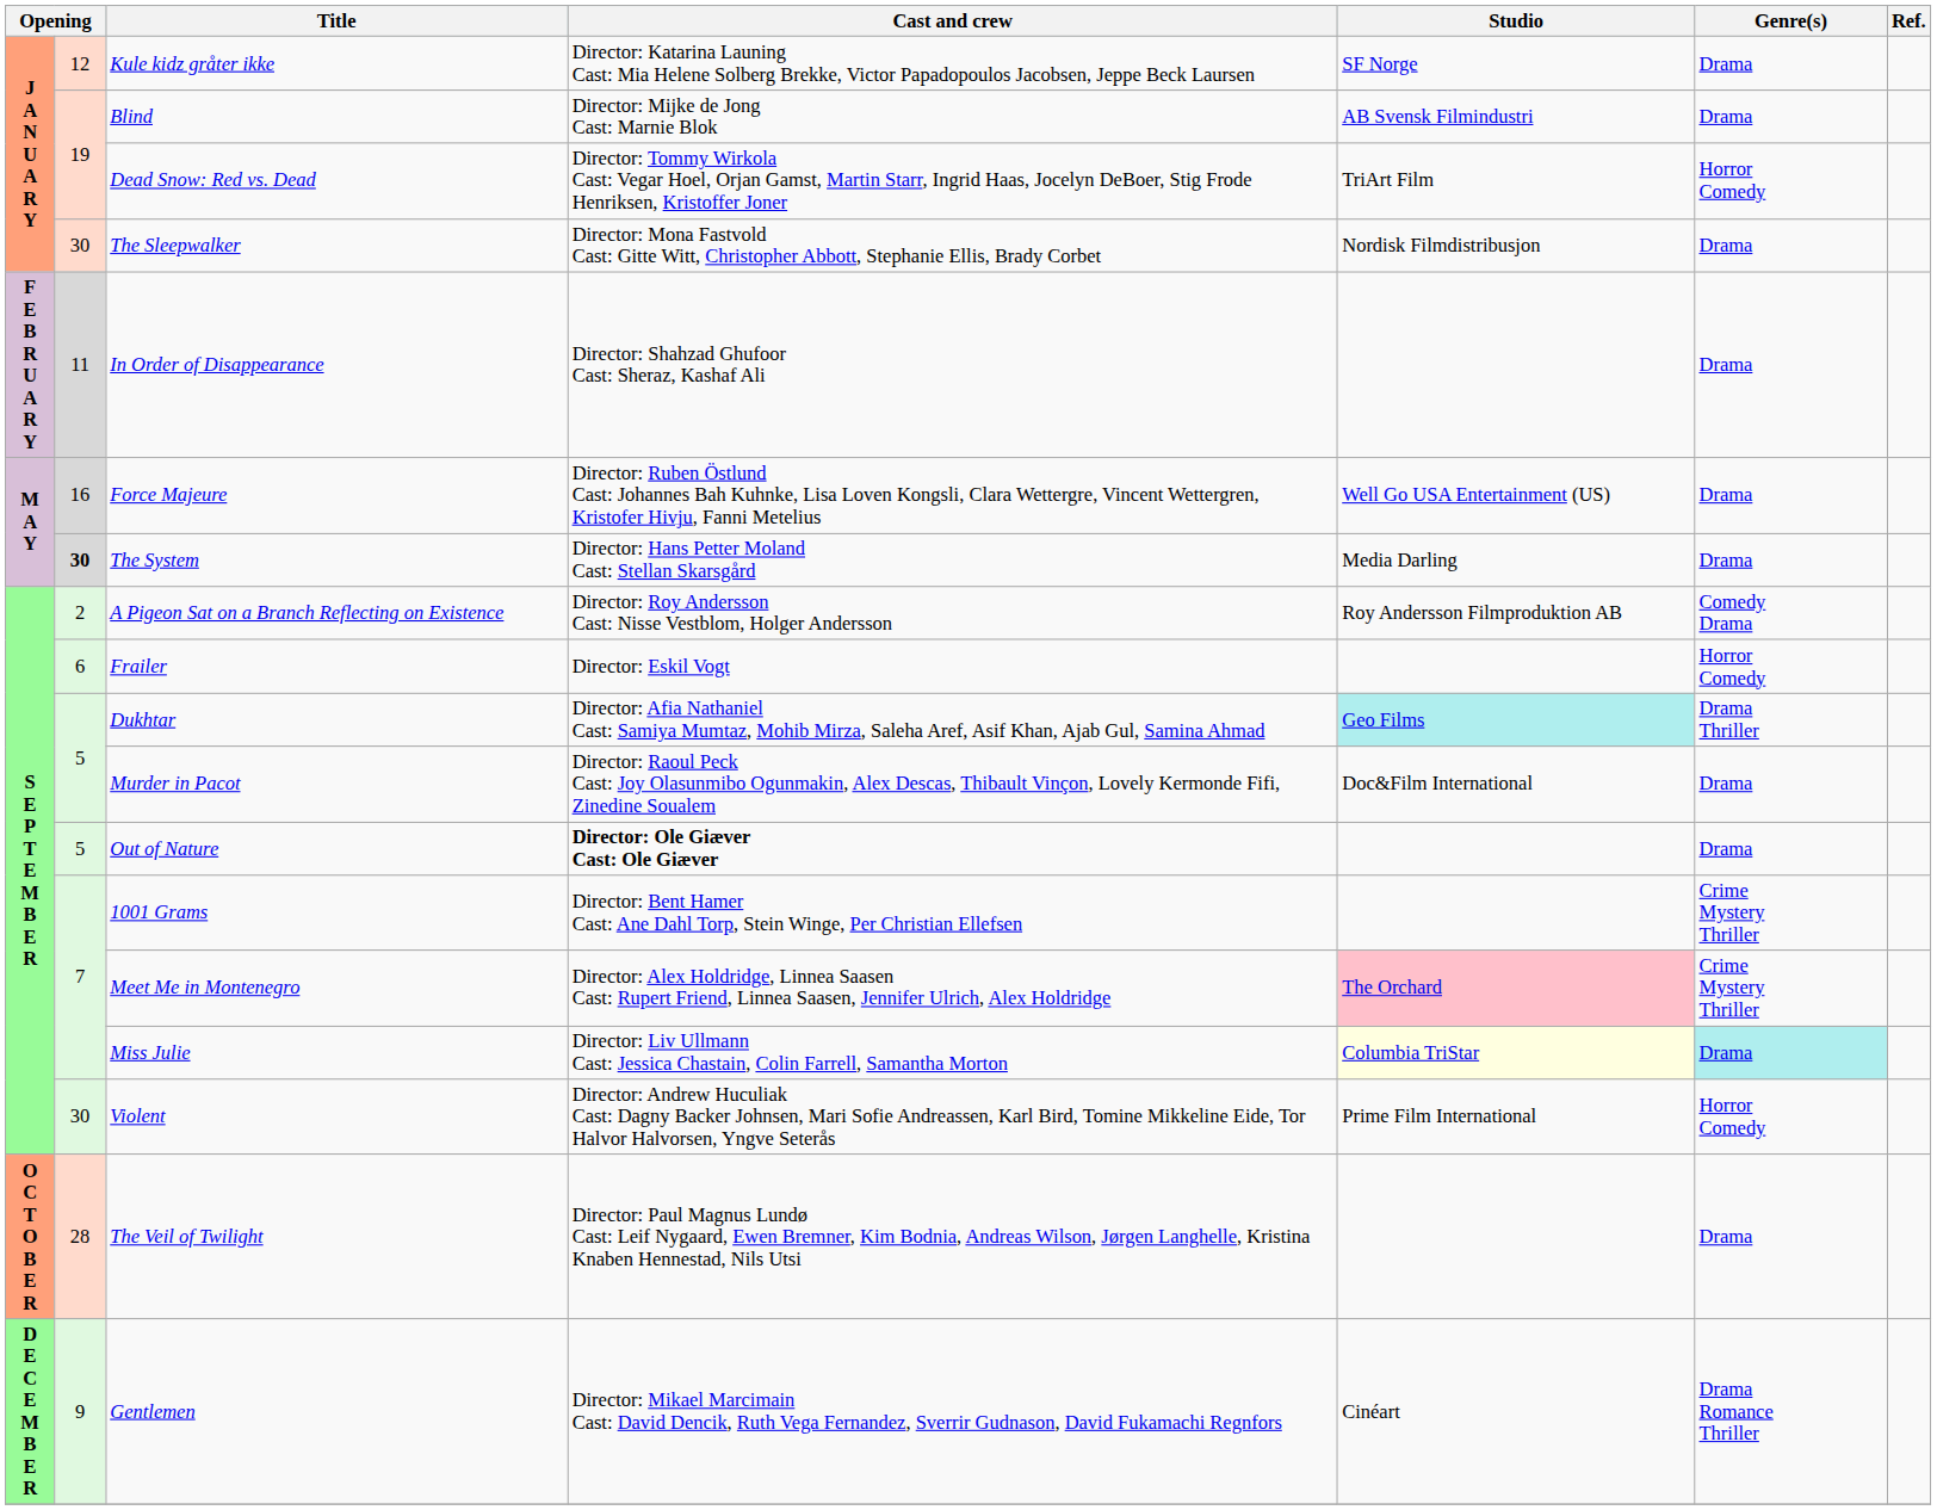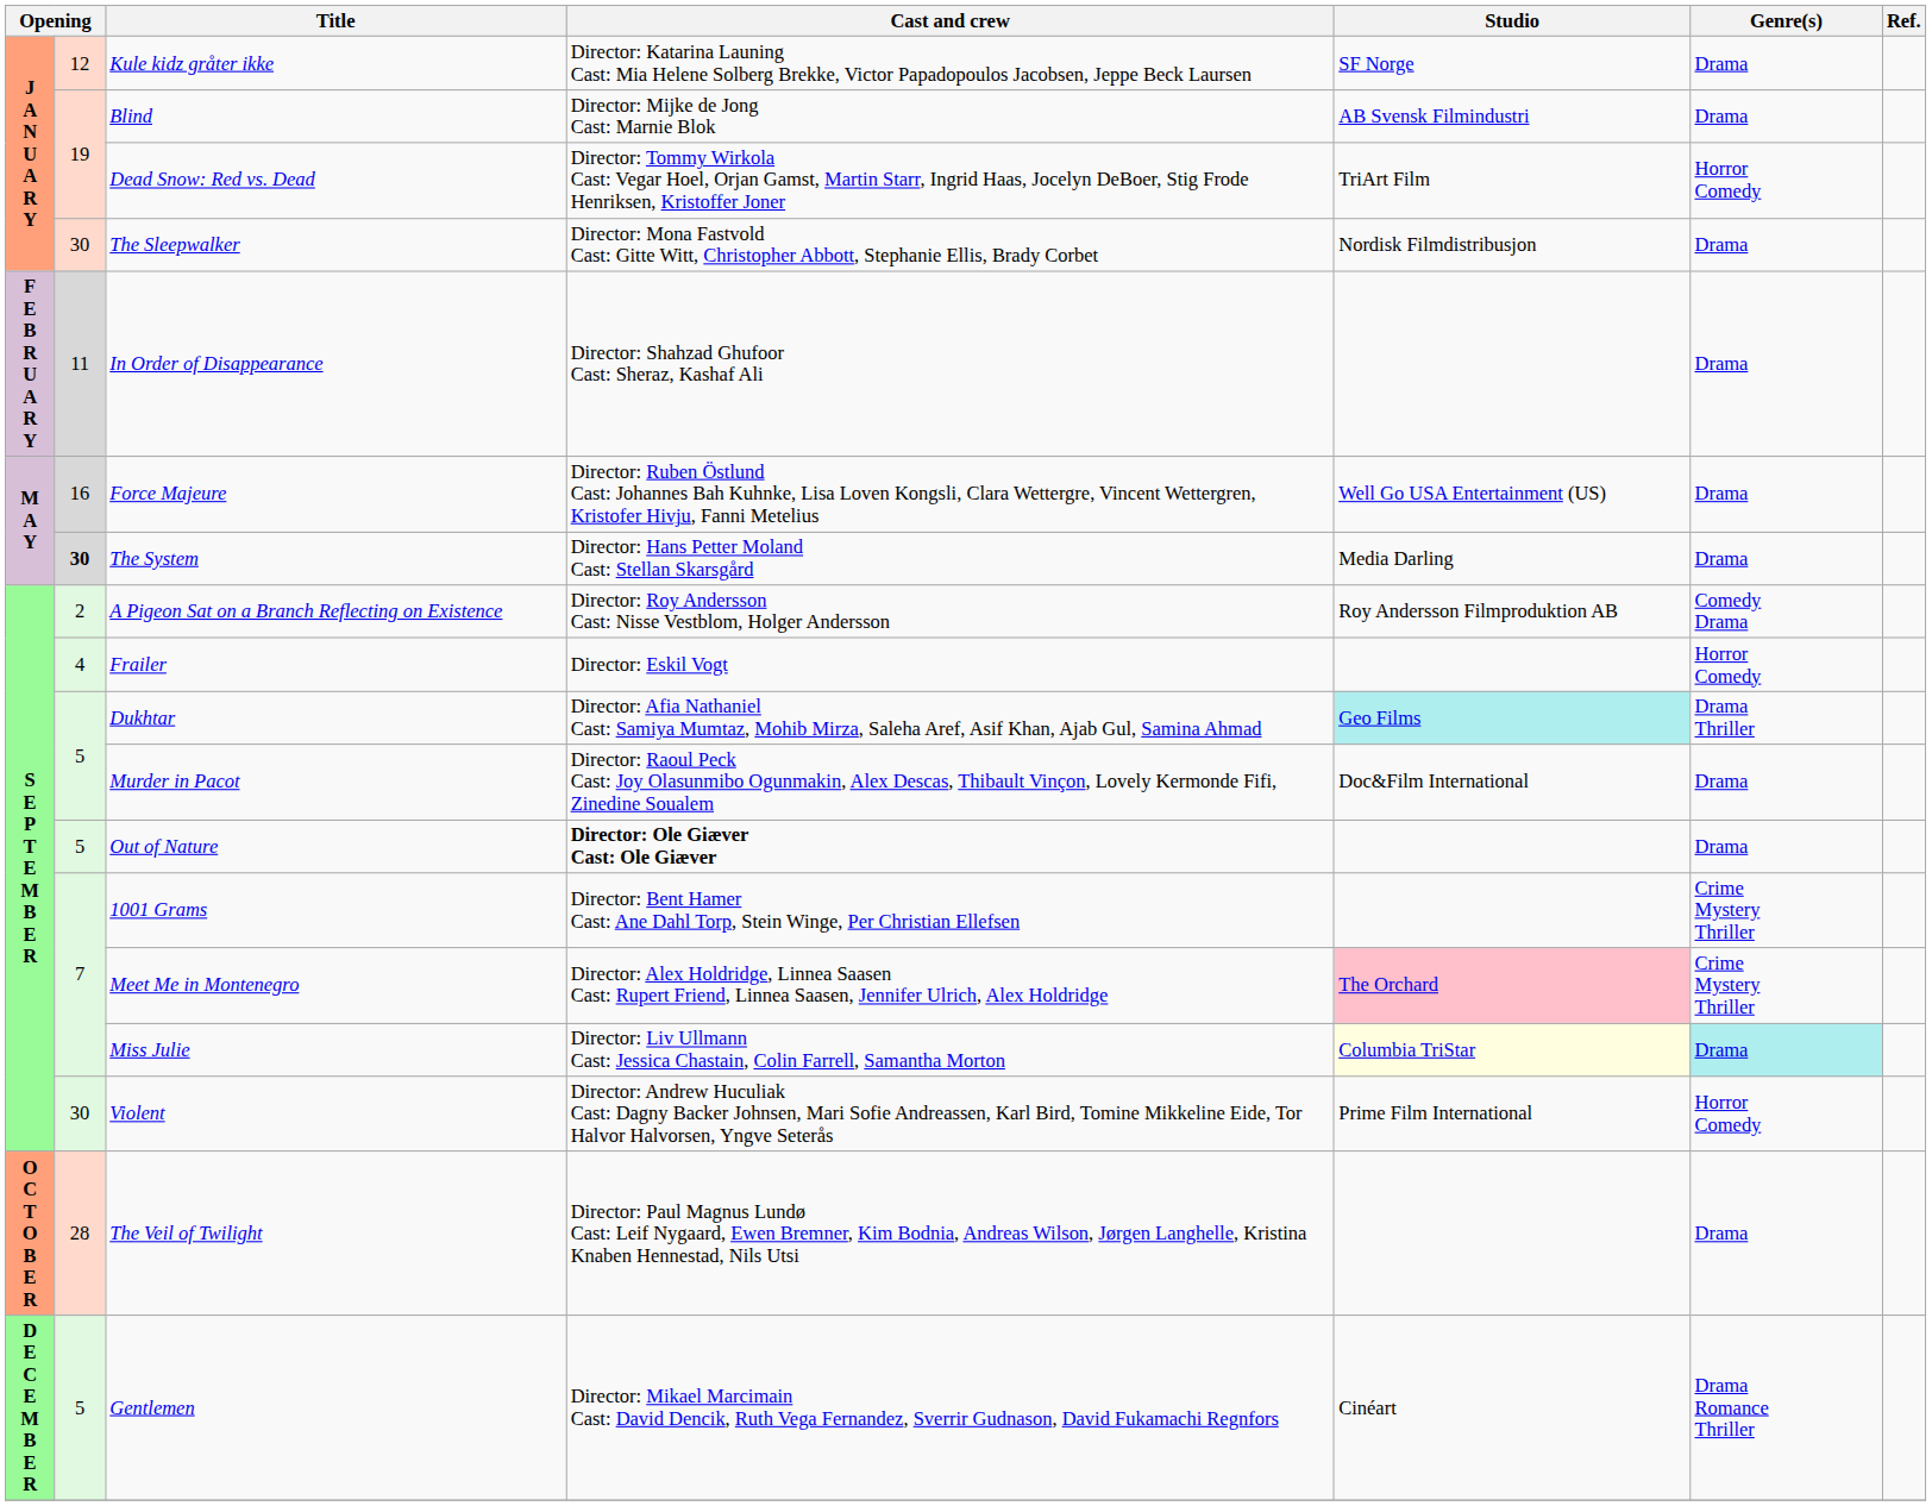 <table class="wikitable">
 <tr style="background:#b0e0e6; text-align:center;">
 <th colspan="2">Opening</th>
 <th style="width:24%;">Title</th>
 <th style="width:40%;">Cast and crew</th>
 <th>Studio</th>
 <th style="width:10%;">Genre(s)</th>
 <th style="width:2%;">Ref.</th>
 </tr>
 <tr>
 <th rowspan="4" style="text-align:center; background:#ffa07a; textcolor:#000;">J<br>A<br>N<br>U<br>A<br>R<br>Y</th>
 <td rowspan="1" style="text-align:center; background:#ffdacc;">12</td>
 <td><em><a href='#'>Kule kidz gråter ikke</a></em></td>
 <td>Director: Katarina Launing <br> Cast: Mia Helene Solberg Brekke, Victor Papadopoulos Jacobsen, Jeppe Beck Laursen</td>
 <td><a href='#'>SF Norge</a></td>
 <td><a href='#'>Drama</a></td>
 <td style="text-align:center"></td>
 </tr>
 <tr>
 <td rowspan="2" style="text-align:center; background:#ffdacc;">19</td>
 <td><em><a href='#'>Blind</a></em></td>
 <td>Director: Mijke de Jong <br> Cast: Marnie Blok</td>
 <td><a href='#'>AB Svensk Filmindustri</a></td>
 <td><a href='#'>Drama</a></td>
 <td style="text-align:center"></td>
 </tr>
 <tr>
 <td><em><a href='#'>Dead Snow: Red vs. Dead</a></em></td>
 <td>Director: <a href='#'>Tommy Wirkola</a> <br> Cast: Vegar Hoel, Orjan Gamst, <a href='#'>Martin Starr</a>, Ingrid Haas, Jocelyn DeBoer, Stig Frode Henriksen, <a href='#'>Kristoffer Joner</a></td>
 <td>TriArt Film</td>
 <td><a href='#'>Horror</a> <br> <a href='#'>Comedy</a></td>
 <td style="text-align:center"></td>
 </tr>
 <tr>
 <td rowspan="1" style="text-align:center; background:#ffdacc;">30</td>
 <td><em><a href='#'>The Sleepwalker</a></em></td>
 <td>Director: Mona Fastvold <br> Cast: Gitte Witt, <a href='#'>Christopher Abbott</a>, Stephanie Ellis, Brady Corbet</td>
 <td>Nordisk Filmdistribusjon</td>
 <td><a href='#'>Drama</a></td>
 <td style="text-align:center"></td>
 </tr>
 <tr>
 <th rowspan="1" style="text-align:center; background:thistle; textcolor:#000;">F<br>E<br>B<br>R<br>U<br>A<br>R<br>Y</th>
 <td rowspan="1" style="text-align:center; background:#d8d8d8;">11</td>
 <td><em><a href='#'>In Order of Disappearance</a></em></td>
 <td>Director: Shahzad Ghufoor <br> Cast: Sheraz, Kashaf Ali</td>
 <td></td>
 <td><a href='#'>Drama</a></td>
 <td style="text-align:center"></td>
 </tr>
 <tr>
 <th rowspan="2" style="text-align:center; background:thistle; textcolor:#000;">M<br>A<br>Y</th>
 <td rowspan="1" style="text-align:center; background:#d8d8d8;">16</td>
 <td><em><a href='#'>Force Majeure</a></em></td>
 <td>Director: <a href='#'>Ruben Östlund</a> <br> Cast: Johannes Bah Kuhnke, Lisa Loven Kongsli, Clara Wettergre, Vincent Wettergren, <a href='#'>Kristofer Hivju</a>, Fanni Metelius</td>
 <td><a href='#'>Well Go USA Entertainment</a> (US)</td>
 <td><a href='#'>Drama</a></td>
 <td style="text-align:center"></td>
 </tr>
 <tr>
 <td rowspan="1" style="text-align:center; background:#d8d8d8;"><strong>30</strong></td>
 <td><em><a href='#'>The System</a></em></td>
 <td>Director: <a href='#'>Hans Petter Moland</a> <br> Cast: <a href='#'>Stellan Skarsgård</a></td>
 <td>Media Darling</td>
 <td><a href='#'>Drama</a></td>
 <td style="text-align:center"></td>
 </tr>
 <tr>
 <th rowspan="9" style="text-align:center; background:#98fb98; textcolor:#000;">S<br>E<br>P<br>T<br>E<br>M<br>B<br>E<br>R</th>
 <td rowspan="1" style="text-align:center; background:#e0f9e0;">2</td>
 <td><em><a href='#'>A Pigeon Sat on a Branch Reflecting on Existence</a></em></td>
 <td>Director: <a href='#'>Roy Andersson</a> <br> Cast: Nisse Vestblom, Holger Andersson</td>
 <td>Roy Andersson Filmproduktion AB</td>
 <td><a href='#'>Comedy</a> <br> <a href='#'>Drama</a></td>
 <td style="text-align:center"></td>
 </tr>
 <tr>
-<td rowspan="1" style="text-align:center; background:#e0f9e0;">6</td>
+<td rowspan="1" style="text-align:center; background:#e0f9e0;">4</td>
 <td><em><a href='#'>Frailer</a></em></td>
 <td>Director: <a href='#'>Eskil Vogt</a></td>
 <td></td>
 <td><a href='#'>Horror</a> <br> <a href='#'>Comedy</a></td>
 <td style="text-align:center"></td>
 </tr>
 <tr>
 <td rowspan="2" style="text-align:center; background:#e0f9e0;">5</td>
 <td><em><a href='#'>Dukhtar</a></em></td>
 <td>Director: <a href='#'>Afia Nathaniel</a> <br> Cast: <a href='#'>Samiya Mumtaz</a>, <a href='#'>Mohib Mirza</a>, Saleha Aref, Asif Khan, Ajab Gul, <a href='#'>Samina Ahmad</a></td>
 <td style="background: paleturquoise;"><a href='#'>Geo Films</a></td>
 <td><a href='#'>Drama</a> <br> <a href='#'>Thriller</a></td>
 <td style="text-align:center"></td>
 </tr>
 <tr>
 <td><em><a href='#'>Murder in Pacot</a></em></td>
 <td>Director: <a href='#'>Raoul Peck</a> <br> Cast: <a href='#'>Joy Olasunmibo Ogunmakin</a>, <a href='#'>Alex Descas</a>, <a href='#'>Thibault Vinçon</a>, Lovely Kermonde Fifi, <a href='#'>Zinedine Soualem</a></td>
 <td>Doc&Film International</td>
 <td><a href='#'>Drama</a></td>
 <td style="text-align:center"></td>
 </tr>
 <tr>
 <td rowspan="1" style="text-align:center; background:#e0f9e0;">5</td>
 <td><em><a href='#'>Out of Nature</a></em></td>
 <td><strong>Director: Ole Giæver <br> Cast: Ole Giæver</strong></td>
 <td></td>
 <td><a href='#'>Drama</a></td>
 <td style="text-align:center"></td>
 </tr>
 <tr>
 <td rowspan="3" style="text-align:center; background:#e0f9e0;">7</td>
 <td><em><a href='#'>1001 Grams</a></em></td>
 <td>Director: <a href='#'>Bent Hamer</a> <br> Cast: <a href='#'>Ane Dahl Torp</a>, Stein Winge, <a href='#'>Per Christian Ellefsen</a></td>
 <td></td>
 <td><a href='#'>Crime</a> <br> <a href='#'>Mystery</a> <br> <a href='#'>Thriller</a></td>
 <td style="text-align:center"></td>
 </tr>
 <tr>
 <td><em><a href='#'>Meet Me in Montenegro</a></em></td>
 <td>Director: <a href='#'>Alex Holdridge</a>, Linnea Saasen <br> Cast: <a href='#'>Rupert Friend</a>,  Linnea Saasen, <a href='#'>Jennifer Ulrich</a>, <a href='#'>Alex Holdridge</a></td>
 <td style="background: pink;"><a href='#'>The Orchard</a></td>
 <td><a href='#'>Crime</a> <br> <a href='#'>Mystery</a> <br> <a href='#'>Thriller</a></td>
 <td style="text-align:center"></td>
 </tr>
 <tr>
 <td><em><a href='#'>Miss Julie</a></em></td>
 <td>Director: <a href='#'>Liv Ullmann</a> <br> Cast: <a href='#'>Jessica Chastain</a>, <a href='#'>Colin Farrell</a>, <a href='#'>Samantha Morton</a></td>
 <td style="background: lightyellow;"><a href='#'>Columbia TriStar</a></td>
 <td style="background: paleturquoise;"><a href='#'>Drama</a></td>
 <td style="text-align:center"></td>
 </tr>
 <tr>
 <td rowspan="1" style="text-align:center; background:#e0f9e0;">30</td>
 <td><em><a href='#'>Violent</a></em></td>
 <td>Director: Andrew Huculiak <br> Cast: Dagny Backer Johnsen, Mari Sofie Andreassen, Karl Bird, Tomine Mikkeline Eide, Tor Halvor Halvorsen, Yngve Seterås</td>
 <td>Prime Film International</td>
 <td><a href='#'>Horror</a> <br> <a href='#'>Comedy</a></td>
 <td style="text-align:center"></td>
 </tr>
 <tr>
 <th rowspan="1" style="text-align:center; background:#ffa07a; textcolor:#000;">O<br>C<br>T<br>O<br>B<br>E<br>R</th>
 <td rowspan="1" style="text-align:center; background:#ffdacc;">28</td>
 <td><em><a href='#'>The Veil of Twilight</a></em></td>
 <td>Director: Paul Magnus Lundø <br> Cast: Leif Nygaard, <a href='#'>Ewen Bremner</a>, <a href='#'>Kim Bodnia</a>, <a href='#'>Andreas Wilson</a>, <a href='#'>Jørgen Langhelle</a>, Kristina Knaben Hennestad, Nils Utsi</td>
 <td></td>
 <td><a href='#'>Drama</a></td>
 <td style="text-align:center"></td>
 </tr>
 <tr>
 <th rowspan="1" style="text-align:center; background:#98fb98; textcolor:#000;">D<br>E<br>C<br>E<br>M<br>B<br>E<br>R</th>
-<td rowspan="1" style="text-align:center; background:#e0f9e0;">9</td>
+<td rowspan="1" style="text-align:center; background:#e0f9e0;">5</td>
 <td><em><a href='#'>Gentlemen</a></em></td>
 <td>Director: <a href='#'>Mikael Marcimain</a> <br> Cast: <a href='#'>David Dencik</a>, <a href='#'>Ruth Vega Fernandez</a>, <a href='#'>Sverrir Gudnason</a>, <a href='#'>David Fukamachi Regnfors</a></td>
 <td>Cinéart</td>
 <td><a href='#'>Drama</a> <br> <a href='#'>Romance</a> <br> <a href='#'>Thriller</a></td>
 <td style="text-align:center"></td>
 </tr>
 <tr>
 </tr>
 </table>
